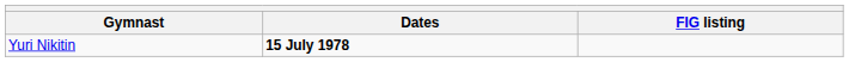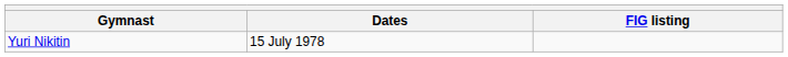 <table class="wikitable mw-collapsible mw-collapsed" width="75%">
 <tr>
 <th colspan="3"></th>
 </tr>
 <tr>
 <th>Gymnast</th>
 <th>Dates</th>
 <th><a href='#'>FIG</a> listing</th>
 </tr>
 <tr>
 <td><a href='#'>Yuri Nikitin</a></td>
-<td><strong>15 July 1978</strong></td>
+<td>15 July 1978</td>
 <td></td>
 </tr>
 </table>
